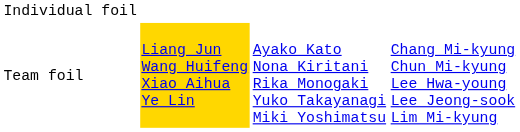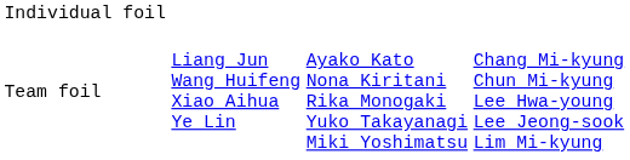 <table>
 <tr>
 <td>Individual foil<br></td>
 <td></td>
 <td></td>
 <td></td>
 </tr>
 <tr>
 <td>Team foil<br></td>
-<td valign=top style="background: gold;"><br><a href='#'>Liang Jun</a><br><a href='#'>Wang Huifeng</a><br><a href='#'>Xiao Aihua</a><br><a href='#'>Ye Lin</a></td>
+<td valign=top><br><a href='#'>Liang Jun</a><br><a href='#'>Wang Huifeng</a><br><a href='#'>Xiao Aihua</a><br><a href='#'>Ye Lin</a></td>
 <td><br><a href='#'>Ayako Kato</a><br><a href='#'>Nona Kiritani</a><br><a href='#'>Rika Monogaki</a><br><a href='#'>Yuko Takayanagi</a><br><a href='#'>Miki Yoshimatsu</a></td>
 <td><br><a href='#'>Chang Mi-kyung</a><br><a href='#'>Chun Mi-kyung</a><br><a href='#'>Lee Hwa-young</a><br><a href='#'>Lee Jeong-sook</a><br><a href='#'>Lim Mi-kyung</a></td>
 </tr>
 </table>
